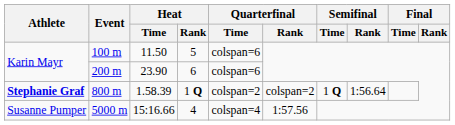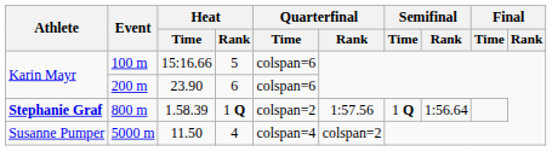 <table class=wikitable style=font-size:90%;text-align:center>
 <tr>
 <th rowspan=2>Athlete</th>
 <th rowspan=2>Event</th>
 <th colspan=2>Heat</th>
 <th colspan=2>Quarterfinal</th>
 <th colspan=2>Semifinal</th>
 <th colspan=2>Final</th>
 </tr>
 <tr style=font-size:95%>
 <th>Time</th>
 <th>Rank</th>
 <th>Time</th>
 <th>Rank</th>
 <th>Time</th>
 <th>Rank</th>
 <th>Time</th>
 <th>Rank</th>
 </tr>
 <tr>
 <td align=left rowspan=2><a href='#'>Karin Mayr</a></td>
 <td align=left><a href='#'>100 m</a></td>
-<td>11.50</td>
+<td>15:16.66</td>
 <td>5</td>
 <td>colspan=6 </td>
 </tr>
 <tr>
 <td align=left><a href='#'>200 m</a></td>
 <td>23.90</td>
 <td>6</td>
 <td>colspan=6 </td>
 </tr>
 <tr>
 <td align=left><strong><a href='#'>Stephanie Graf</a></strong></td>
 <td align=left><a href='#'>800 m</a></td>
 <td>1.58.39</td>
 <td>1 <strong>Q</strong></td>
 <td>colspan=2 </td>
-<td>colspan=2 </td>
+<td>1:57.56</td>
 <td>1 <strong>Q</strong></td>
 <td>1:56.64</td>
 <td></td>
 </tr>
 <tr>
 <td align=left><a href='#'>Susanne Pumper</a></td>
 <td align=left><a href='#'>5000 m</a></td>
-<td>15:16.66</td>
+<td>11.50</td>
 <td>4</td>
 <td>colspan=4 </td>
-<td>1:57.56</td>
+<td>colspan=2 </td>
 </tr>
 </table>
